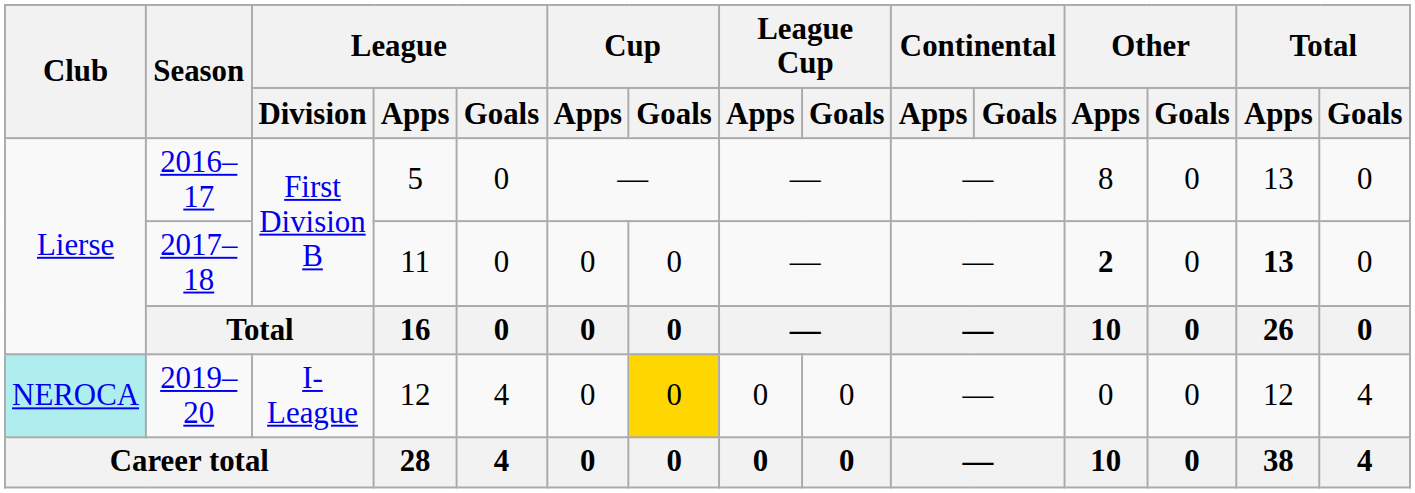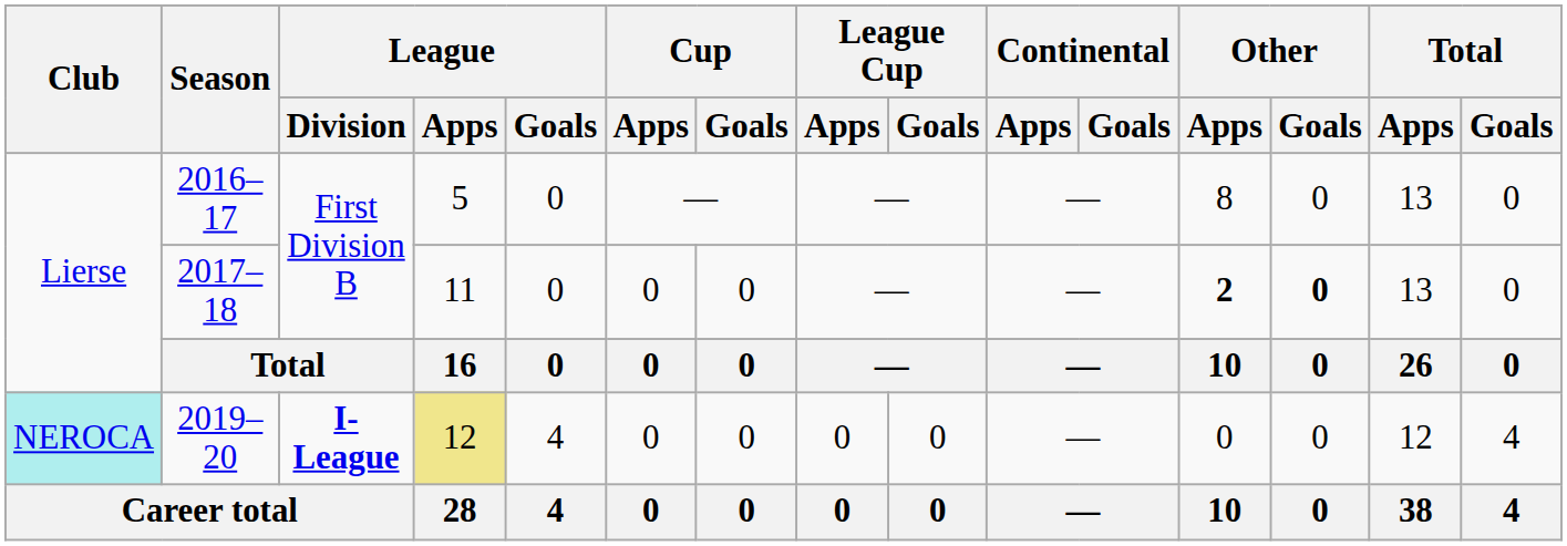 <table class="wikitable" style="text-align:center">
 <tr>
 <th rowspan="2">Club</th>
 <th rowspan="2">Season</th>
 <th colspan="3">League</th>
 <th colspan="2">Cup</th>
 <th colspan="2">League Cup</th>
 <th colspan="2">Continental</th>
 <th colspan="2">Other</th>
 <th colspan="2">Total</th>
 </tr>
 <tr>
 <th>Division</th>
 <th>Apps</th>
 <th>Goals</th>
 <th>Apps</th>
 <th>Goals</th>
 <th>Apps</th>
 <th>Goals</th>
 <th>Apps</th>
 <th>Goals</th>
 <th>Apps</th>
 <th>Goals</th>
 <th>Apps</th>
 <th>Goals</th>
 </tr>
 <tr>
 <td rowspan="3"><a href='#'>Lierse</a></td>
 <td><a href='#'>2016–17</a></td>
 <td rowspan="2"><a href='#'>First Division B</a></td>
 <td>5</td>
 <td>0</td>
 <td colspan="2">—</td>
 <td colspan="2">—</td>
 <td colspan="2">—</td>
 <td>8</td>
 <td>0</td>
 <td>13</td>
 <td>0</td>
 </tr>
 <tr>
 <td><a href='#'>2017–18</a></td>
 <td>11</td>
 <td>0</td>
 <td>0</td>
 <td>0</td>
 <td colspan="2">—</td>
 <td colspan="2">—</td>
 <td><strong>2</strong></td>
-<td>0</td>
-<td><strong>13</strong></td>
+<td><strong>0</strong></td>
+<td>13</td>
 <td>0</td>
 </tr>
 <tr>
 <th colspan="2">Total</th>
 <th>16</th>
 <th>0</th>
 <th>0</th>
 <th>0</th>
 <th colspan="2">—</th>
 <th colspan="2">—</th>
 <th>10</th>
 <th>0</th>
 <th>26</th>
 <th>0</th>
 </tr>
 <tr>
 <td rowspan="1" style="background: paleturquoise;"><a href='#'>NEROCA</a></td>
 <td><a href='#'>2019–20</a></td>
-<td rowspan="1"><a href='#'>I-League</a></td>
-<td>12</td>
+<td rowspan="1"><strong><a href='#'>I-League</a></strong></td>
+<td style="background: khaki;">12</td>
 <td>4</td>
 <td>0</td>
-<td style="background: gold;">0</td>
+<td>0</td>
 <td>0</td>
 <td>0</td>
 <td colspan="2">—</td>
 <td>0</td>
 <td>0</td>
 <td>12</td>
 <td>4</td>
 </tr>
 <tr>
 <th colspan="3">Career total</th>
 <th>28</th>
 <th>4</th>
 <th>0</th>
 <th>0</th>
 <th>0</th>
 <th>0</th>
 <th colspan="2">—</th>
 <th>10</th>
 <th>0</th>
 <th>38</th>
 <th>4</th>
 </tr>
 </table>
